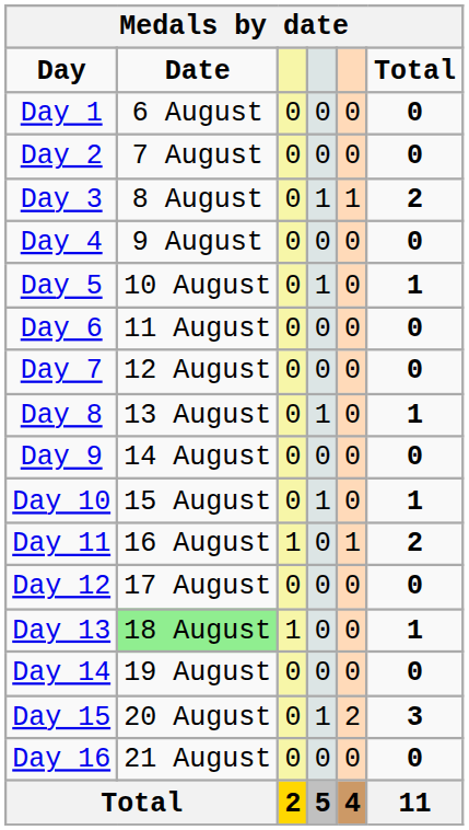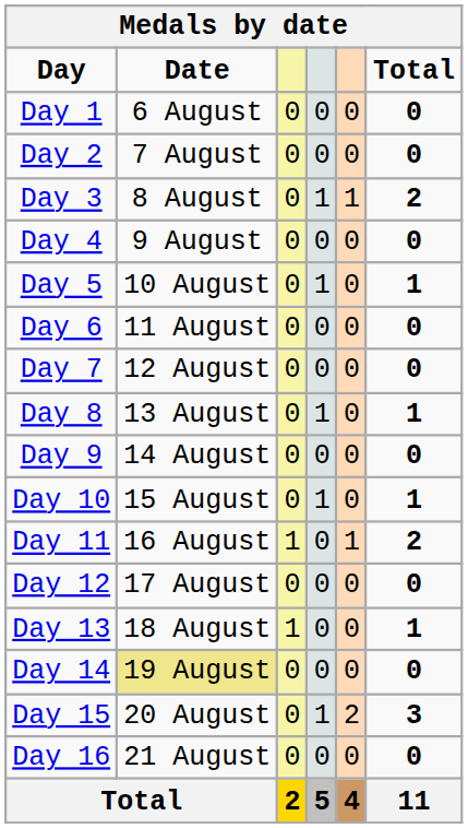 <table class="wikitable" style="font-size:85%">
 <tr bgcolor="#efefef">
 <th colspan=7><strong>Medals by date</strong></th>
 </tr>
 <tr align=center>
 <td><strong>Day</strong></td>
 <td><strong>Date</strong></td>
 <td bgcolor=f7f6a8></td>
 <td bgcolor=dce5e5></td>
 <td bgcolor=ffdab9></td>
 <td><strong>Total</strong></td>
 </tr>
 <tr align=center>
 <td><a href='#'>Day 1</a></td>
 <td>6 August</td>
 <td style="background:#F7F6A8;">0</td>
 <td style="background:#DCE5E5;">0</td>
 <td style="background:#FFDAB9;">0</td>
 <td><strong>0</strong></td>
 </tr>
 <tr align=center>
 <td><a href='#'>Day 2</a></td>
 <td>7 August</td>
 <td style="background:#F7F6A8;">0</td>
 <td style="background:#DCE5E5;">0</td>
 <td style="background:#FFDAB9;">0</td>
 <td><strong>0</strong></td>
 </tr>
 <tr align=center>
 <td><a href='#'>Day 3</a></td>
 <td>8 August</td>
 <td style="background:#F7F6A8;">0</td>
 <td style="background:#DCE5E5;">1</td>
 <td style="background:#FFDAB9;">1</td>
 <td><strong>2</strong></td>
 </tr>
 <tr align=center>
 <td><a href='#'>Day 4</a></td>
 <td>9 August</td>
 <td style="background:#F7F6A8;">0</td>
 <td style="background:#DCE5E5;">0</td>
 <td style="background:#FFDAB9;">0</td>
 <td><strong>0</strong></td>
 </tr>
 <tr align=center>
 <td><a href='#'>Day 5</a></td>
 <td>10 August</td>
 <td style="background:#F7F6A8;">0</td>
 <td style="background:#DCE5E5;">1</td>
 <td style="background:#FFDAB9;">0</td>
 <td><strong>1</strong></td>
 </tr>
 <tr align=center>
 <td><a href='#'>Day 6</a></td>
 <td>11 August</td>
 <td style="background:#F7F6A8;">0</td>
 <td style="background:#DCE5E5;">0</td>
 <td style="background:#FFDAB9;">0</td>
 <td><strong>0</strong></td>
 </tr>
 <tr align=center>
 <td><a href='#'>Day 7</a></td>
 <td>12 August</td>
 <td style="background:#F7F6A8;">0</td>
 <td style="background:#DCE5E5;">0</td>
 <td style="background:#FFDAB9;">0</td>
 <td><strong>0</strong></td>
 </tr>
 <tr align=center>
 <td><a href='#'>Day 8</a></td>
 <td>13 August</td>
 <td style="background:#F7F6A8;">0</td>
 <td style="background:#DCE5E5;">1</td>
 <td style="background:#FFDAB9;">0</td>
 <td><strong>1</strong></td>
 </tr>
 <tr align=center>
 <td><a href='#'>Day 9</a></td>
 <td>14 August</td>
 <td style="background:#F7F6A8;">0</td>
 <td style="background:#DCE5E5;">0</td>
 <td style="background:#FFDAB9;">0</td>
 <td><strong>0</strong></td>
 </tr>
 <tr align=center>
 <td><a href='#'>Day 10</a></td>
 <td>15 August</td>
 <td style="background:#F7F6A8;">0</td>
 <td style="background:#DCE5E5;">1</td>
 <td style="background:#FFDAB9;">0</td>
 <td><strong>1</strong></td>
 </tr>
 <tr align=center>
 <td><a href='#'>Day 11</a></td>
 <td>16 August</td>
 <td style="background:#F7F6A8;">1</td>
 <td style="background:#DCE5E5;">0</td>
 <td style="background:#FFDAB9;">1</td>
 <td><strong>2</strong></td>
 </tr>
 <tr align=center>
 <td><a href='#'>Day 12</a></td>
 <td>17 August</td>
 <td style="background:#F7F6A8;">0</td>
 <td style="background:#DCE5E5;">0</td>
 <td style="background:#FFDAB9;">0</td>
 <td><strong>0</strong></td>
 </tr>
 <tr align=center>
 <td><a href='#'>Day 13</a></td>
-<td style="background: lightgreen;">18 August</td>
+<td>18 August</td>
 <td style="background:#F7F6A8;">1</td>
 <td style="background:#DCE5E5;">0</td>
 <td style="background:#FFDAB9;">0</td>
 <td><strong>1</strong></td>
 </tr>
 <tr align=center>
 <td><a href='#'>Day 14</a></td>
-<td>19 August</td>
+<td style="background: khaki;">19 August</td>
 <td style="background:#F7F6A8;">0</td>
 <td style="background:#DCE5E5;">0</td>
 <td style="background:#FFDAB9;">0</td>
 <td><strong>0</strong></td>
 </tr>
 <tr align=center>
 <td><a href='#'>Day 15</a></td>
 <td>20 August</td>
 <td style="background:#F7F6A8;">0</td>
 <td style="background:#DCE5E5;">1</td>
 <td style="background:#FFDAB9;">2</td>
 <td><strong>3</strong></td>
 </tr>
 <tr align=center>
 <td><a href='#'>Day 16</a></td>
 <td>21 August</td>
 <td style="background:#F7F6A8;">0</td>
 <td style="background:#DCE5E5;">0</td>
 <td style="background:#FFDAB9;">0</td>
 <td><strong>0</strong></td>
 </tr>
 <tr align=center>
 <th colspan=2>Total</th>
 <th style="background:gold">2</th>
 <th style="background:silver">5</th>
 <th style="background:#c96">4</th>
 <th>11</th>
 </tr>
 </table>
